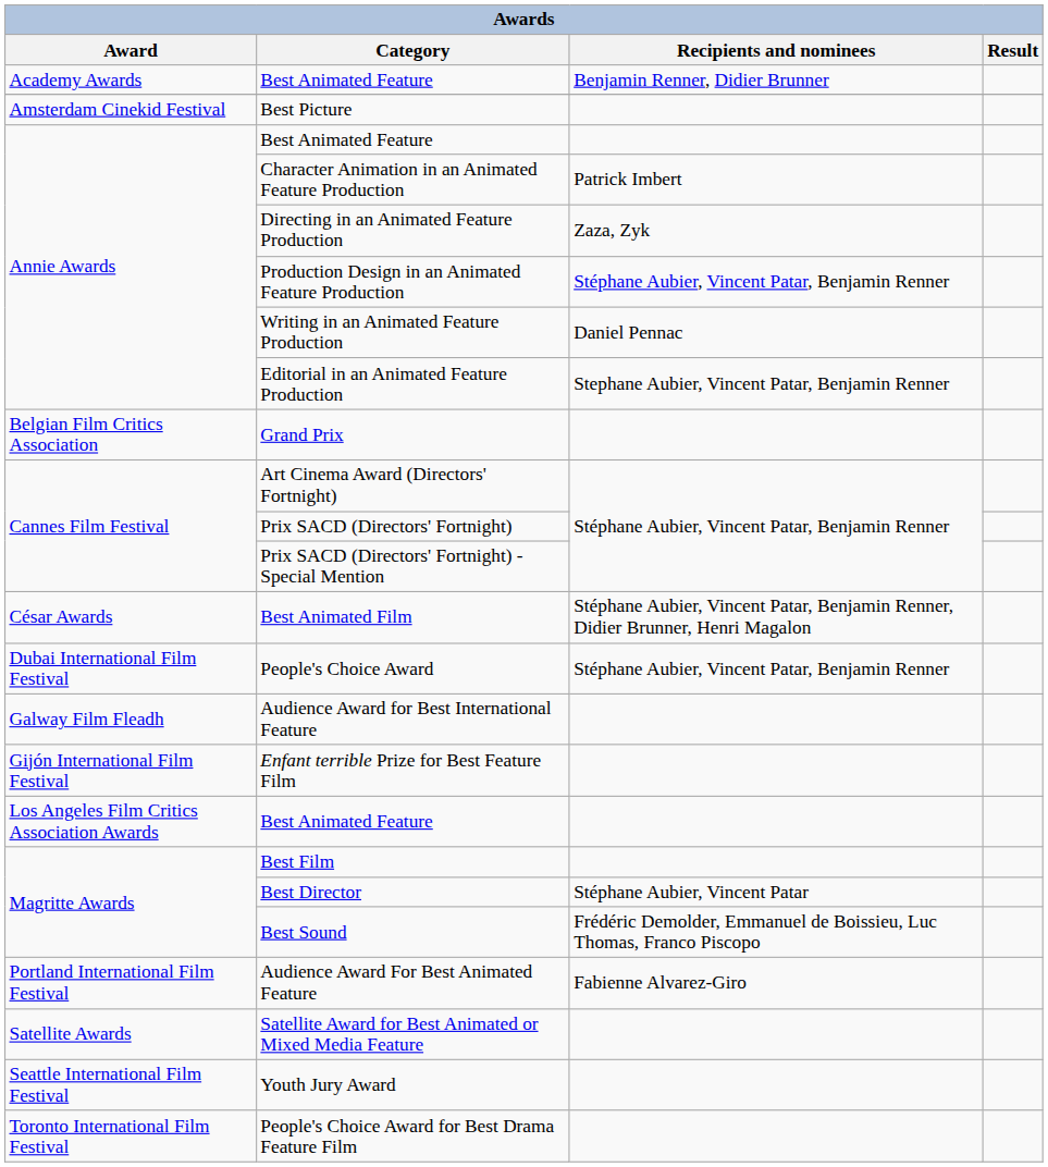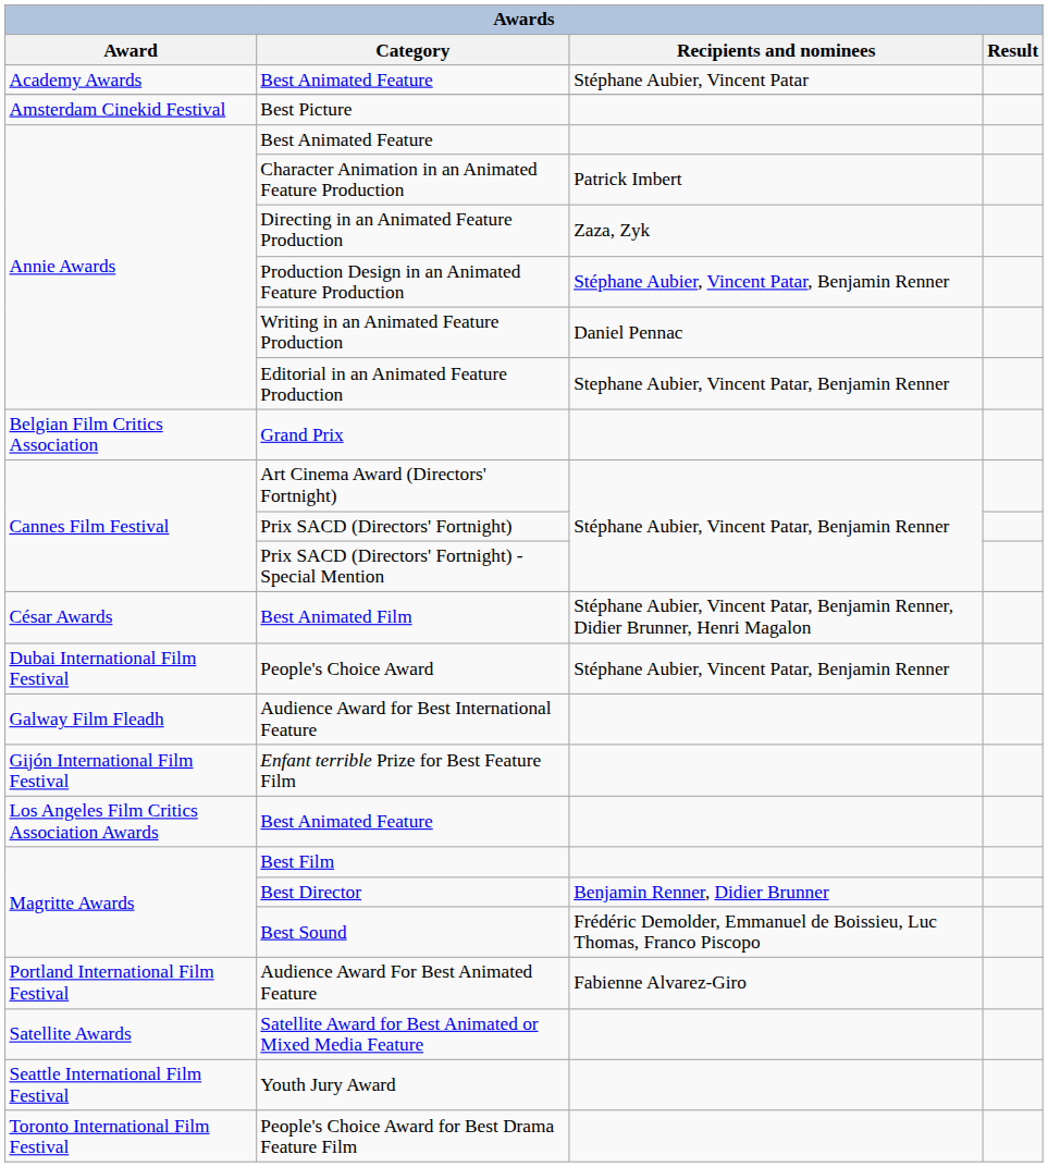 <table class="wikitable" width="100%">
 <tr style="background:#ccc; text-align:center;">
 <th colspan="5" style="background: LightSteelBlue;">Awards</th>
 </tr>
 <tr style="background:#ccc; text-align:center;">
 <th>Award</th>
 <th>Category</th>
 <th>Recipients and nominees</th>
 <th>Result</th>
 </tr>
 <tr>
 <td><a href='#'>Academy Awards</a></td>
 <td><a href='#'>Best Animated Feature</a></td>
-<td><a href='#'>Benjamin Renner</a>, <a href='#'>Didier Brunner</a></td>
+<td>Stéphane Aubier, Vincent Patar</td>
 <td></td>
 </tr>
 <tr>
 </tr>
 <tr>
 <td><a href='#'>Amsterdam Cinekid Festival</a></td>
 <td>Best Picture</td>
 <td></td>
 <td></td>
 </tr>
 <tr>
 <td rowspan=6><a href='#'>Annie Awards</a></td>
 <td>Best Animated Feature</td>
 <td></td>
 <td></td>
 </tr>
 <tr>
 <td>Character Animation in an Animated Feature Production</td>
 <td>Patrick Imbert</td>
 <td></td>
 </tr>
 <tr>
 <td>Directing in an Animated Feature Production</td>
 <td>Zaza, Zyk</td>
 <td></td>
 </tr>
 <tr>
 <td>Production Design in an Animated Feature Production</td>
 <td><a href='#'>Stéphane Aubier</a>, <a href='#'>Vincent Patar</a>, Benjamin Renner</td>
 <td></td>
 </tr>
 <tr>
 <td>Writing in an Animated Feature Production</td>
 <td>Daniel Pennac</td>
 <td></td>
 </tr>
 <tr>
 <td>Editorial in an Animated Feature Production</td>
 <td>Stephane Aubier, Vincent Patar, Benjamin Renner</td>
 <td></td>
 </tr>
 <tr>
 <td><a href='#'>Belgian Film Critics Association</a></td>
 <td><a href='#'>Grand Prix</a></td>
 <td></td>
 <td></td>
 </tr>
 <tr>
 <td rowspan=3><a href='#'>Cannes Film Festival</a></td>
 <td>Art Cinema Award (Directors' Fortnight)</td>
 <td rowspan=3>Stéphane Aubier, Vincent Patar, Benjamin Renner</td>
 <td></td>
 </tr>
 <tr>
 <td>Prix SACD (Directors' Fortnight)</td>
 <td></td>
 </tr>
 <tr>
 <td>Prix SACD (Directors' Fortnight) - Special Mention</td>
 <td></td>
 </tr>
 <tr>
 <td><a href='#'>César Awards</a></td>
 <td><a href='#'>Best Animated Film</a></td>
 <td>Stéphane Aubier, Vincent Patar, Benjamin Renner, Didier Brunner, Henri Magalon</td>
 <td></td>
 </tr>
 <tr>
 <td><a href='#'>Dubai International Film Festival</a></td>
 <td>People's Choice Award</td>
 <td>Stéphane Aubier, Vincent Patar, Benjamin Renner</td>
 <td></td>
 </tr>
 <tr>
 <td><a href='#'>Galway Film Fleadh</a></td>
 <td>Audience Award for Best International Feature</td>
 <td></td>
 <td></td>
 </tr>
 <tr>
 <td><a href='#'>Gijón International Film Festival</a></td>
 <td><em>Enfant terrible</em> Prize for Best Feature Film</td>
 <td></td>
 <td></td>
 </tr>
 <tr>
 <td><a href='#'>Los Angeles Film Critics Association Awards</a></td>
 <td><a href='#'>Best Animated Feature</a></td>
 <td></td>
 <td></td>
 </tr>
 <tr>
 <td rowspan=3><a href='#'>Magritte Awards</a></td>
 <td><a href='#'>Best Film</a></td>
 <td></td>
 <td></td>
 </tr>
 <tr>
 <td><a href='#'>Best Director</a></td>
-<td>Stéphane Aubier, Vincent Patar</td>
+<td><a href='#'>Benjamin Renner</a>, <a href='#'>Didier Brunner</a></td>
 <td></td>
 </tr>
 <tr>
 <td><a href='#'>Best Sound</a></td>
 <td>Frédéric Demolder, Emmanuel de Boissieu, Luc Thomas, Franco Piscopo</td>
 <td></td>
 </tr>
 <tr>
 <td><a href='#'>Portland International Film Festival</a></td>
 <td>Audience Award For Best Animated Feature</td>
 <td>Fabienne Alvarez-Giro</td>
 <td></td>
 </tr>
 <tr>
 <td><a href='#'>Satellite Awards</a></td>
 <td><a href='#'>Satellite Award for Best Animated or Mixed Media Feature</a></td>
 <td></td>
 <td></td>
 </tr>
 <tr>
 <td><a href='#'>Seattle International Film Festival</a></td>
 <td>Youth Jury Award</td>
 <td></td>
 <td></td>
 </tr>
 <tr>
 <td><a href='#'>Toronto International Film Festival</a></td>
 <td>People's Choice Award for Best Drama Feature Film</td>
 <td></td>
 <td></td>
 </tr>
 </table>
